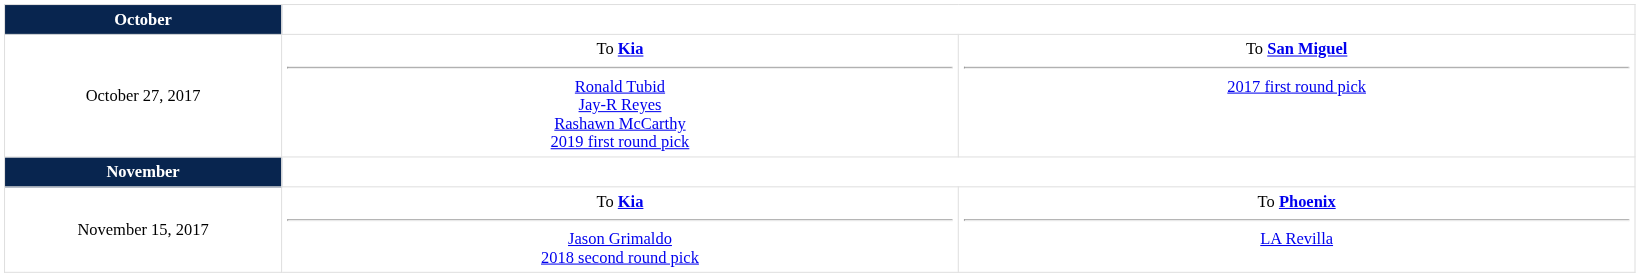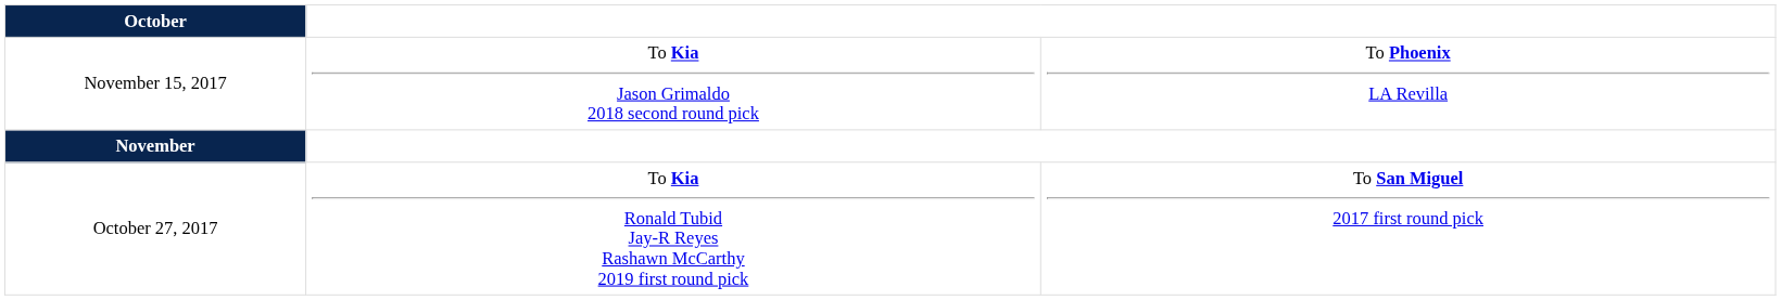 <table border=1 style="border-collapse:collapse; text-align: center; width: 100%" bordercolor="#DFDFDF"  cellpadding="5">
 <tr bgcolor="eeeeee">
 <th style="background:#08254F; color:#FFFFFF; ">October</th>
+</tr>
+<tr>
+<td style="width:12%">November 15, 2017</td>
+<td style="width:29.3%" valign="top">To <strong><a href='#'>Kia</a></strong><hr><a href='#'>Jason Grimaldo</a><br><a href='#'>2018 second round pick</a> </td>
+<td style="width:29.3%" valign="top">To <strong><a href='#'>Phoenix</a></strong><hr><a href='#'>LA Revilla</a></td>
+</tr>
+<tr bgcolor="eeeeee">
+<th style="background:#08254F; color:#FFFFFF; ">November</th>
 </tr>
 <tr>
 <td style="width:12%">October 27, 2017</td>
 <td style="width:29.3%" valign="top">To <strong><a href='#'>Kia</a></strong><hr><a href='#'>Ronald Tubid</a><br><a href='#'>Jay-R Reyes</a><br><a href='#'>Rashawn McCarthy</a><br> <a href='#'>2019 first round pick</a></td>
 <td style="width:29.3%" valign="top">To <strong><a href='#'>San Miguel</a></strong><hr><a href='#'>2017 first round pick</a></td>
 </tr>
-<tr bgcolor="eeeeee">
-<th style="background:#08254F; color:#FFFFFF; ">November</th>
-</tr>
-<tr>
-<td style="width:12%">November 15, 2017</td>
-<td style="width:29.3%" valign="top">To <strong><a href='#'>Kia</a></strong><hr><a href='#'>Jason Grimaldo</a><br><a href='#'>2018 second round pick</a> </td>
-<td style="width:29.3%" valign="top">To <strong><a href='#'>Phoenix</a></strong><hr><a href='#'>LA Revilla</a></td>
-</tr>
 </table>
